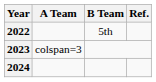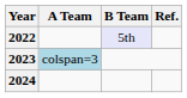 <table class="wikitable" style="text-align: center;">
 <tr>
 <th>Year</th>
 <th>A Team</th>
 <th>B Team</th>
 <th>Ref.</th>
 </tr>
 <tr>
 <th>2022</th>
 <td></td>
-<td>5th</td>
+<td style="background: lavender;">5th</td>
 <td></td>
 </tr>
 <tr>
 <th>2023</th>
-<td>colspan=3</td>
+<td style="background: lightblue;">colspan=3</td>
 </tr>
 <tr>
 <th>2024</th>
 <td></td>
 <td></td>
 <td></td>
 </tr>
 </table>
